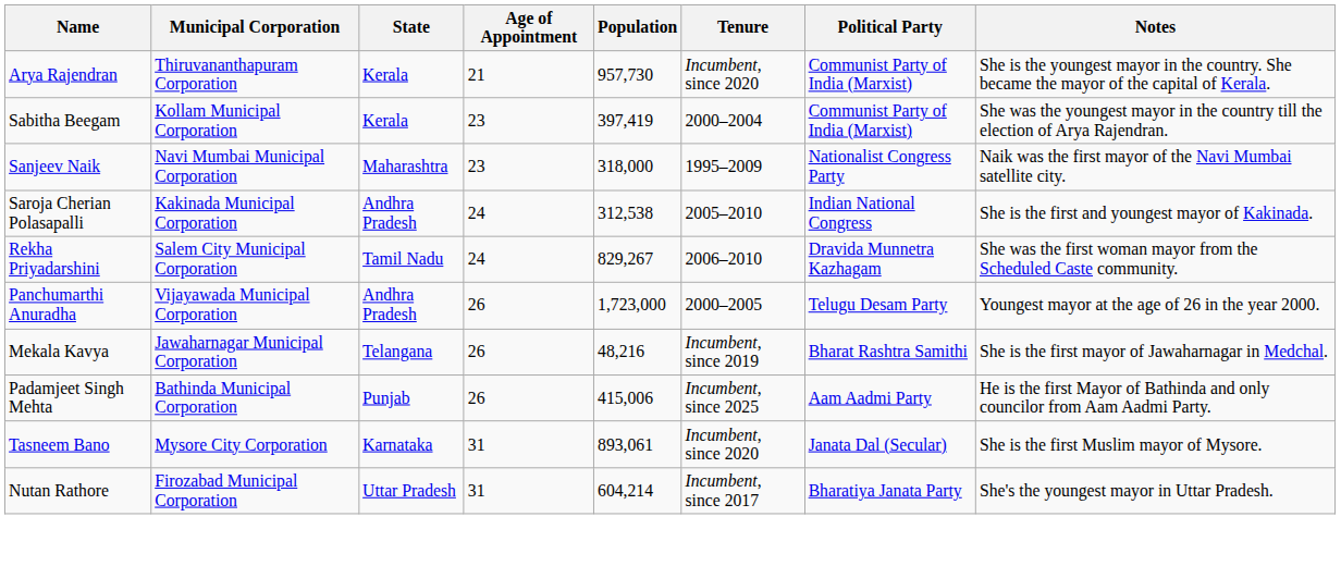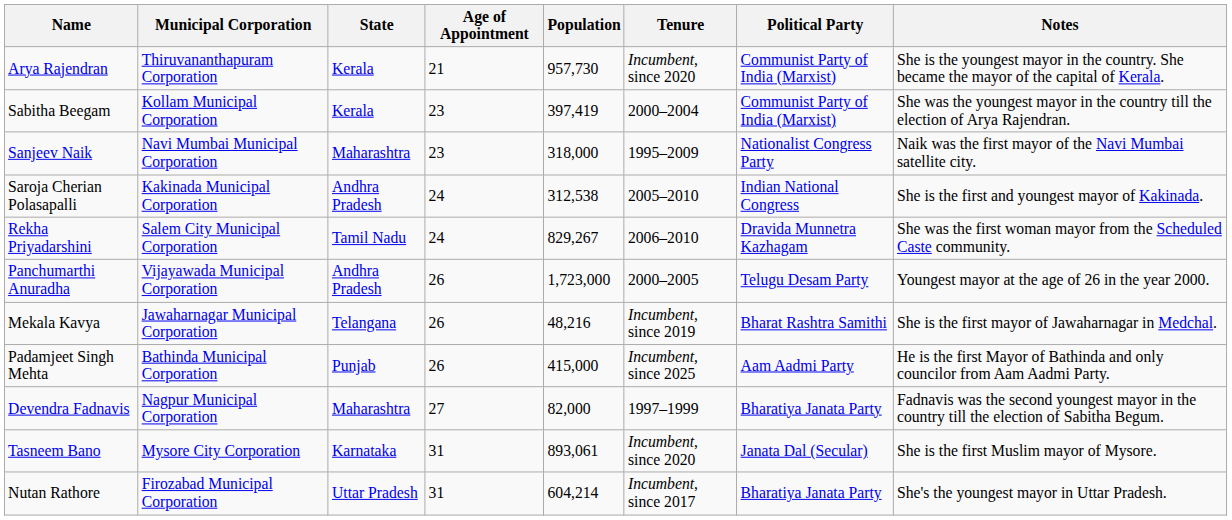 <table class="wikitable sortable">
 <tr>
 <th>Name</th>
 <th>Municipal Corporation</th>
 <th>State</th>
 <th>Age of Appointment</th>
 <th>Population</th>
 <th>Tenure</th>
 <th>Political Party</th>
 <th>Notes</th>
 </tr>
 <tr>
 <td><a href='#'>Arya Rajendran</a></td>
 <td><a href='#'>Thiruvananthapuram Corporation</a></td>
 <td><a href='#'>Kerala</a></td>
 <td>21</td>
 <td>957,730</td>
 <td><em>Incumbent</em>, since 2020</td>
 <td><a href='#'>Communist Party of India (Marxist)</a></td>
 <td>She is the youngest mayor in the country. She became the mayor of the capital of <a href='#'>Kerala</a>.</td>
 </tr>
 <tr>
 <td>Sabitha Beegam</td>
 <td><a href='#'>Kollam Municipal Corporation</a></td>
 <td><a href='#'>Kerala</a></td>
 <td>23</td>
 <td>397,419</td>
 <td>2000–2004</td>
 <td><a href='#'>Communist Party of India (Marxist)</a></td>
 <td>She was the youngest mayor in the country till the election of Arya Rajendran.</td>
 </tr>
 <tr>
 <td><a href='#'>Sanjeev Naik</a></td>
 <td><a href='#'>Navi Mumbai Municipal Corporation</a></td>
 <td><a href='#'>Maharashtra</a></td>
 <td>23</td>
 <td>318,000</td>
 <td>1995–2009</td>
 <td><a href='#'>Nationalist Congress Party</a></td>
 <td>Naik was the first mayor of the <a href='#'>Navi Mumbai</a> satellite city.</td>
 </tr>
 <tr>
 <td>Saroja Cherian Polasapalli</td>
 <td><a href='#'>Kakinada Municipal Corporation</a></td>
 <td><a href='#'>Andhra Pradesh</a></td>
 <td>24</td>
 <td>312,538</td>
 <td>2005–2010</td>
 <td><a href='#'>Indian National Congress</a></td>
 <td>She is the first and youngest mayor of <a href='#'>Kakinada</a>.<br>  </td>
 </tr>
 <tr>
 <td><a href='#'>Rekha Priyadarshini</a></td>
 <td><a href='#'>Salem City Municipal Corporation</a></td>
 <td><a href='#'>Tamil Nadu</a></td>
 <td>24</td>
 <td>829,267</td>
 <td>2006–2010</td>
 <td><a href='#'>Dravida Munnetra Kazhagam</a></td>
 <td>She was the first woman mayor from the <a href='#'>Scheduled Caste</a> community.</td>
 </tr>
 <tr>
 <td><a href='#'>Panchumarthi Anuradha</a></td>
 <td><a href='#'>Vijayawada Municipal Corporation</a></td>
 <td><a href='#'>Andhra Pradesh</a></td>
 <td>26</td>
 <td>1,723,000</td>
 <td>2000–2005</td>
 <td><a href='#'>Telugu Desam Party</a></td>
 <td>Youngest mayor at the age of 26 in the year 2000.</td>
 </tr>
 <tr>
 <td>Mekala Kavya</td>
 <td><a href='#'>Jawaharnagar Municipal Corporation</a></td>
 <td><a href='#'>Telangana</a></td>
 <td>26</td>
 <td>48,216</td>
 <td><em>Incumbent</em>, since 2019</td>
 <td><a href='#'>Bharat Rashtra Samithi</a></td>
 <td>She is the first mayor of Jawaharnagar in <a href='#'>Medchal</a>.</td>
 </tr>
 <tr>
 <td>Padamjeet Singh Mehta</td>
 <td><a href='#'>Bathinda Municipal Corporation</a></td>
 <td><a href='#'>Punjab</a></td>
 <td>26</td>
-<td>415,006</td>
+<td>415,000</td>
 <td><em>Incumbent</em>, since 2025</td>
 <td><a href='#'>Aam Aadmi Party</a></td>
 <td>He is the first Mayor of Bathinda and only councilor from Aam Aadmi Party.</td>
+</tr>
+<tr>
+<td><a href='#'>Devendra Fadnavis</a></td>
+<td><a href='#'>Nagpur Municipal Corporation</a></td>
+<td><a href='#'>Maharashtra</a></td>
+<td>27</td>
+<td>82,000</td>
+<td>1997–1999</td>
+<td><a href='#'>Bharatiya Janata Party</a></td>
+<td>Fadnavis was the second youngest mayor in the country till the election of Sabitha Begum.</td>
 </tr>
 <tr>
 <td><a href='#'>Tasneem Bano</a></td>
 <td><a href='#'>Mysore City Corporation</a></td>
 <td><a href='#'>Karnataka</a></td>
 <td>31</td>
 <td>893,061</td>
 <td><em>Incumbent</em>, since 2020</td>
 <td><a href='#'>Janata Dal (Secular)</a></td>
 <td>She is the first Muslim mayor of Mysore.</td>
 </tr>
 <tr>
 <td>Nutan Rathore</td>
 <td><a href='#'>Firozabad Municipal Corporation</a></td>
 <td><a href='#'>Uttar Pradesh</a></td>
 <td>31</td>
 <td>604,214</td>
 <td><em>Incumbent</em>, since 2017</td>
 <td><a href='#'>Bharatiya Janata Party</a></td>
 <td>She's the youngest mayor in Uttar Pradesh.</td>
 </tr>
 </table>
